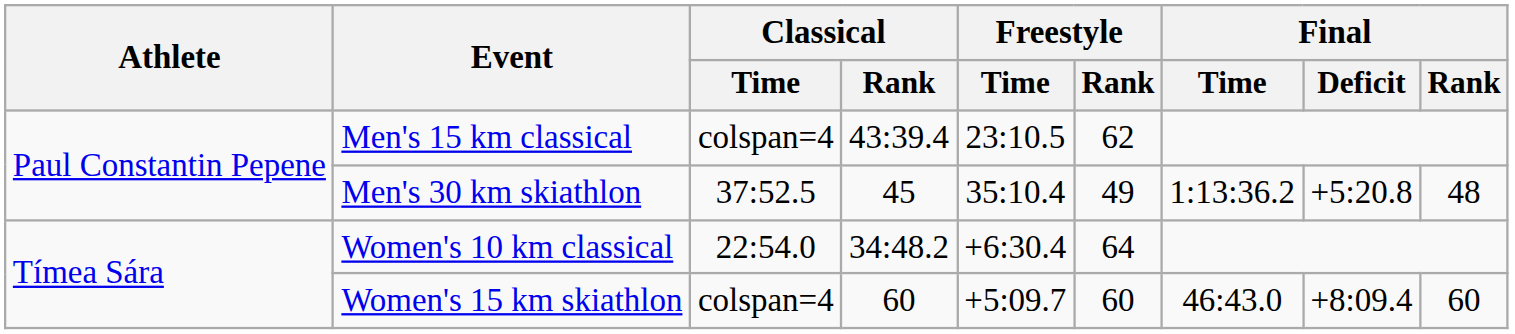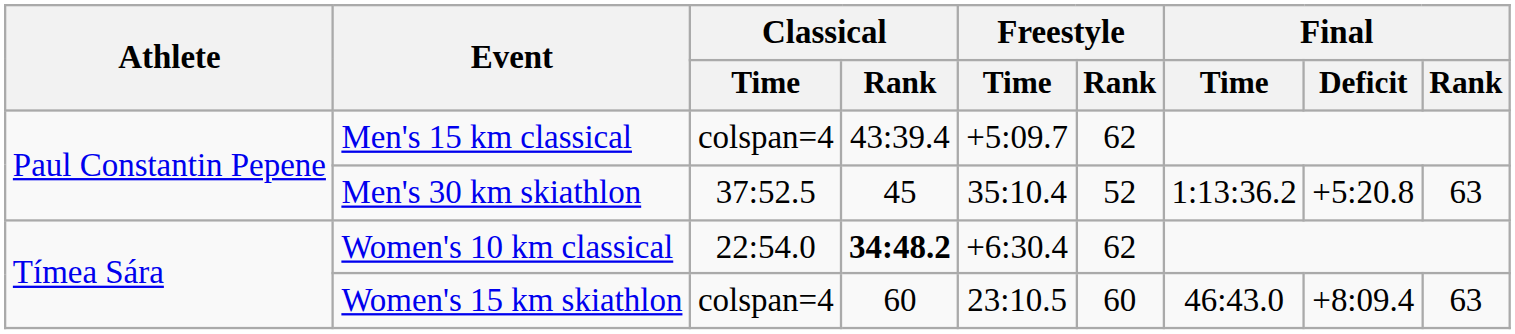 <table class="wikitable" style="font-size:90%">
 <tr>
 <th rowspan=2>Athlete</th>
 <th rowspan=2>Event</th>
 <th colspan=2>Classical</th>
 <th colspan=2>Freestyle</th>
 <th colspan=3>Final</th>
 </tr>
 <tr style="font-size: 95%">
 <th>Time</th>
 <th>Rank</th>
 <th>Time</th>
 <th>Rank</th>
 <th>Time</th>
 <th>Deficit</th>
 <th>Rank</th>
 </tr>
 <tr align=center>
 <td align=left rowspan=2><a href='#'>Paul Constantin Pepene</a></td>
 <td align=left><a href='#'>Men's 15 km classical</a></td>
 <td>colspan=4 </td>
 <td>43:39.4</td>
-<td>23:10.5</td>
+<td>+5:09.7</td>
 <td>62</td>
 </tr>
 <tr align=center>
 <td align=left><a href='#'>Men's 30 km skiathlon</a></td>
 <td>37:52.5</td>
 <td>45</td>
 <td>35:10.4</td>
-<td>49</td>
+<td>52</td>
 <td>1:13:36.2</td>
 <td>+5:20.8</td>
-<td>48</td>
+<td>63</td>
 </tr>
 <tr align=center>
 <td align=left rowspan=2><a href='#'>Tímea Sára</a></td>
 <td align=left><a href='#'>Women's 10 km classical</a></td>
 <td>22:54.0</td>
-<td>34:48.2</td>
+<td><strong>34:48.2</strong></td>
 <td>+6:30.4</td>
-<td>64</td>
+<td>62</td>
 </tr>
 <tr align=center>
 <td align=left><a href='#'>Women's 15 km skiathlon</a></td>
 <td>colspan=4 </td>
 <td>60</td>
-<td>+5:09.7</td>
+<td>23:10.5</td>
 <td>60</td>
 <td>46:43.0</td>
 <td>+8:09.4</td>
-<td>60</td>
+<td>63</td>
 </tr>
 </table>
